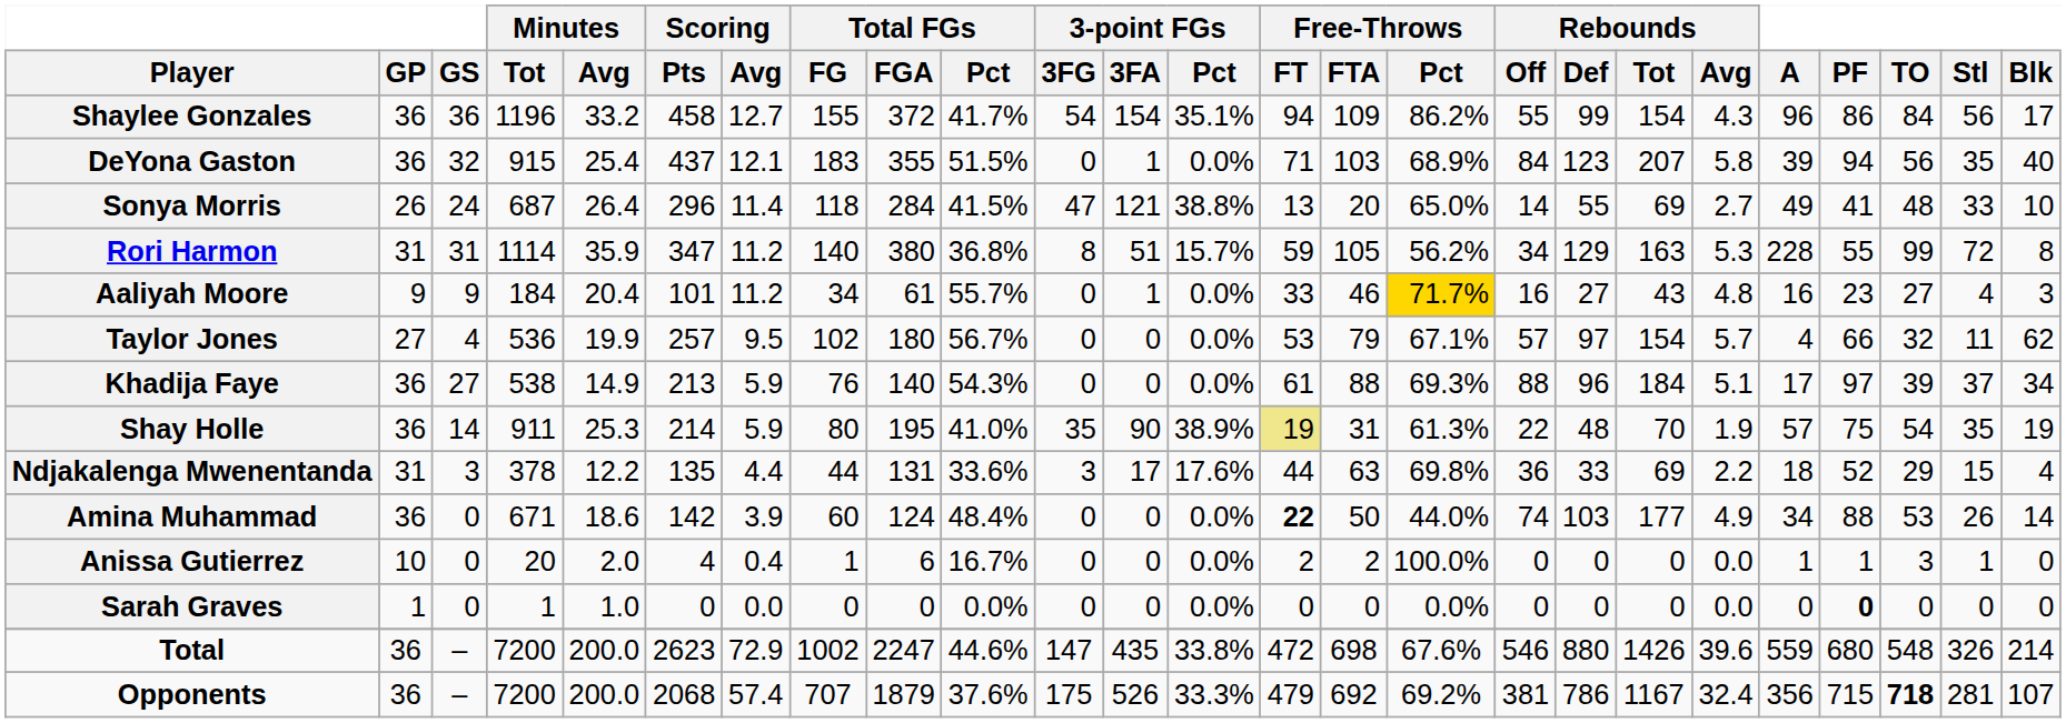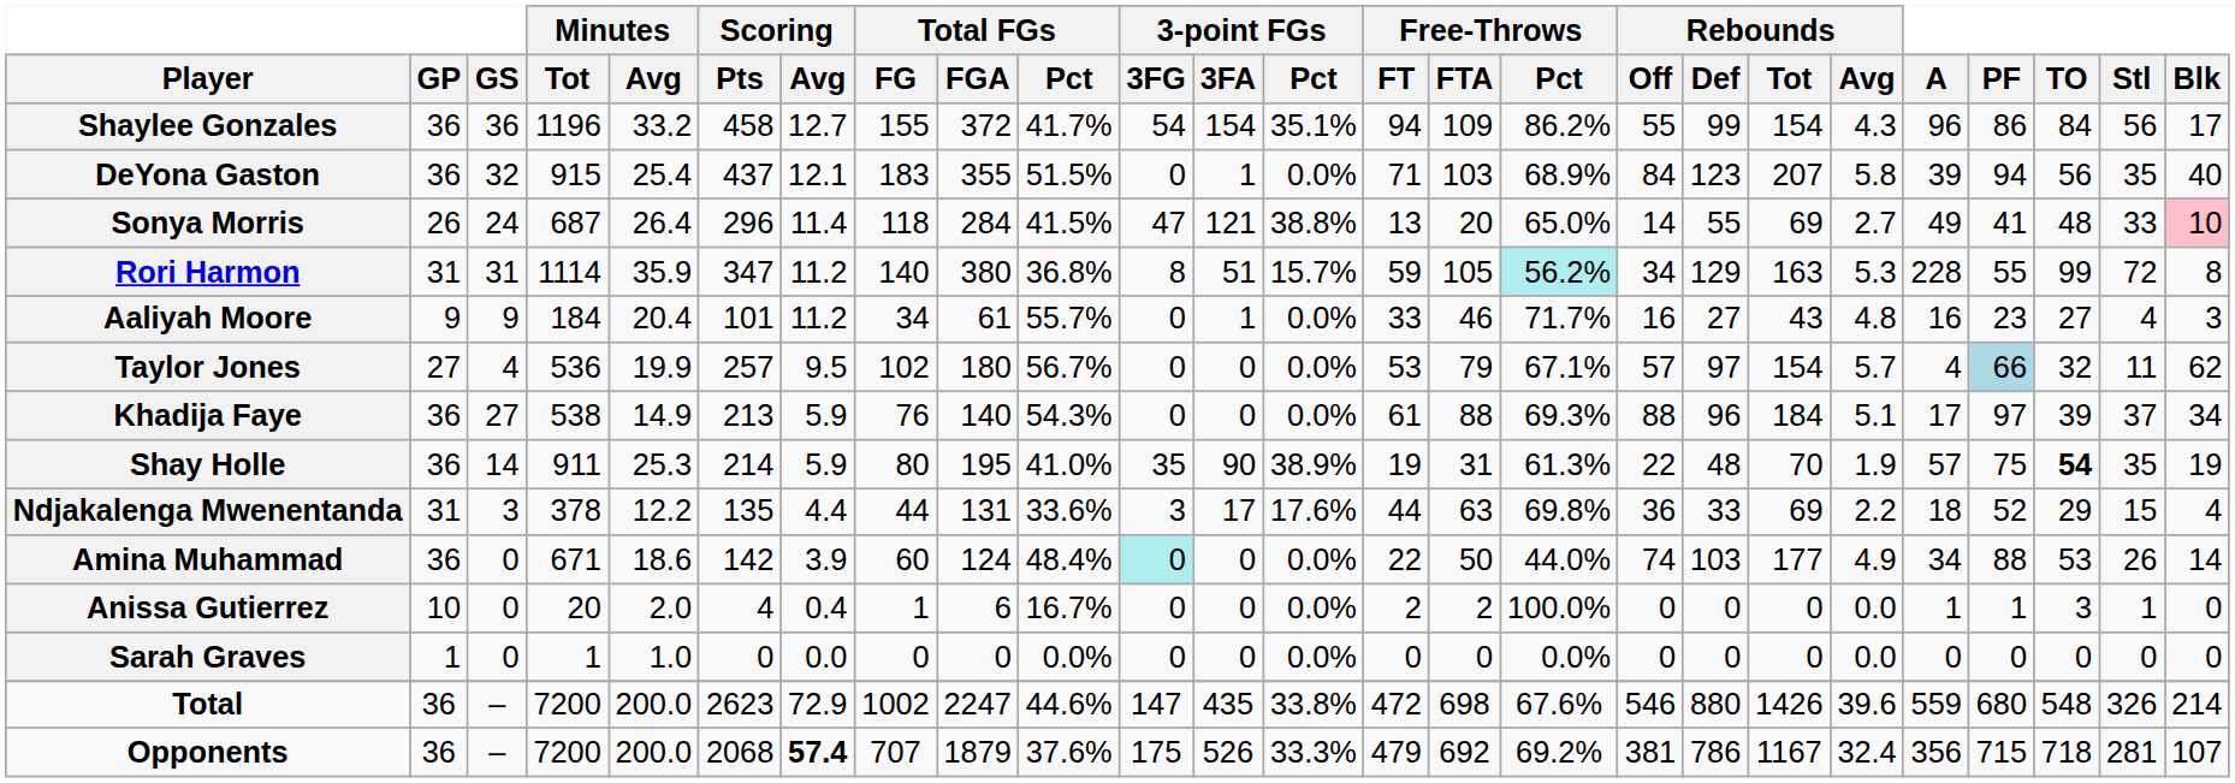 <table class="wikitable sortable" border="1" style="font-size:90%;">
 <tr>
 <th colspan="3" style="border-top-style:hidden; border-left-style:hidden; background: white;"></th>
 <th colspan="2" style=>Minutes</th>
 <th colspan="2" style=>Scoring</th>
 <th colspan="3" style=>Total FGs</th>
 <th colspan="3" style=>3-point FGs</th>
 <th colspan="3" style=>Free-Throws</th>
 <th colspan="4" style=>Rebounds</th>
 <th colspan="5" style="border-top-style:hidden; border-right-style:hidden; background: white;"></th>
 </tr>
 <tr>
 <th scope="col" style=>Player</th>
 <th scope="col" style=>GP</th>
 <th scope="col" style=>GS</th>
 <th scope="col" style=>Tot</th>
 <th scope="col" style=>Avg</th>
 <th scope="col" style=>Pts</th>
 <th scope="col" style=>Avg</th>
 <th scope="col" style=>FG</th>
 <th scope="col" style=>FGA</th>
 <th scope="col" style=>Pct</th>
 <th scope="col" style=>3FG</th>
 <th scope="col" style=>3FA</th>
 <th scope="col" style=>Pct</th>
 <th scope="col" style=>FT</th>
 <th scope="col" style=>FTA</th>
 <th scope="col" style=>Pct</th>
 <th scope="col" style=>Off</th>
 <th scope="col" style=>Def</th>
 <th scope="col" style=>Tot</th>
 <th scope="col" style=>Avg</th>
 <th scope="col" style=>A</th>
 <th scope="col" style=>PF</th>
 <th scope="col" style=>TO</th>
 <th scope="col" style=>Stl</th>
 <th scope="col" style=>Blk</th>
 </tr>
 <tr>
 <th style=white-space:nowrap>Shaylee Gonzales</th>
 <td align="right">36</td>
 <td align="right">36</td>
 <td align="right">1196</td>
 <td align="right">33.2</td>
 <td align="right">458</td>
 <td align="right">12.7</td>
 <td align="right">155</td>
 <td align="right">372</td>
 <td align="right">41.7%</td>
 <td align="right">54</td>
 <td align="right">154</td>
 <td align="right">35.1%</td>
 <td align="right">94</td>
 <td align="right">109</td>
 <td align="right">86.2%</td>
 <td align="right">55</td>
 <td align="right">99</td>
 <td align="right">154</td>
 <td align="right">4.3</td>
 <td align="right">96</td>
 <td align="right">86</td>
 <td align="right">84</td>
 <td align="right">56</td>
 <td align="right">17</td>
 </tr>
 <tr>
 <th style=white-space:nowrap>DeYona Gaston</th>
 <td align="right">36</td>
 <td align="right">32</td>
 <td align="right">915</td>
 <td align="right">25.4</td>
 <td align="right">437</td>
 <td align="right">12.1</td>
 <td align="right">183</td>
 <td align="right">355</td>
 <td align="right">51.5%</td>
 <td align="right">0</td>
 <td align="right">1</td>
 <td align="right">0.0%</td>
 <td align="right">71</td>
 <td align="right">103</td>
 <td align="right">68.9%</td>
 <td align="right">84</td>
 <td align="right">123</td>
 <td align="right">207</td>
 <td align="right">5.8</td>
 <td align="right">39</td>
 <td align="right">94</td>
 <td align="right">56</td>
 <td align="right">35</td>
 <td align="right">40</td>
 </tr>
 <tr>
 <th style=white-space:nowrap>Sonya Morris</th>
 <td align="right">26</td>
 <td align="right">24</td>
 <td align="right">687</td>
 <td align="right">26.4</td>
 <td align="right">296</td>
 <td align="right">11.4</td>
 <td align="right">118</td>
 <td align="right">284</td>
 <td align="right">41.5%</td>
 <td align="right">47</td>
 <td align="right">121</td>
 <td align="right">38.8%</td>
 <td align="right">13</td>
 <td align="right">20</td>
 <td align="right">65.0%</td>
 <td align="right">14</td>
 <td align="right">55</td>
 <td align="right">69</td>
 <td align="right">2.7</td>
 <td align="right">49</td>
 <td align="right">41</td>
 <td align="right">48</td>
 <td align="right">33</td>
-<td align="right">10</td>
+<td align="right" style="background: pink;">10</td>
 </tr>
 <tr>
 <th style=white-space:nowrap><a href='#'>Rori Harmon</a></th>
 <td align="right">31</td>
 <td align="right">31</td>
 <td align="right">1114</td>
 <td align="right">35.9</td>
 <td align="right">347</td>
 <td align="right">11.2</td>
 <td align="right">140</td>
 <td align="right">380</td>
 <td align="right">36.8%</td>
 <td align="right">8</td>
 <td align="right">51</td>
 <td align="right">15.7%</td>
 <td align="right">59</td>
 <td align="right">105</td>
-<td align="right">56.2%</td>
+<td align="right" style="background: paleturquoise;">56.2%</td>
 <td align="right">34</td>
 <td align="right">129</td>
 <td align="right">163</td>
 <td align="right">5.3</td>
 <td align="right">228</td>
 <td align="right">55</td>
 <td align="right">99</td>
 <td align="right">72</td>
 <td align="right">8</td>
 </tr>
 <tr>
 <th style=white-space:nowrap>Aaliyah Moore</th>
 <td align="right">9</td>
 <td align="right">9</td>
 <td align="right">184</td>
 <td align="right">20.4</td>
 <td align="right">101</td>
 <td align="right">11.2</td>
 <td align="right">34</td>
 <td align="right">61</td>
 <td align="right">55.7%</td>
 <td align="right">0</td>
 <td align="right">1</td>
 <td align="right">0.0%</td>
 <td align="right">33</td>
 <td align="right">46</td>
-<td align="right" style="background: gold;">71.7%</td>
+<td align="right">71.7%</td>
 <td align="right">16</td>
 <td align="right">27</td>
 <td align="right">43</td>
 <td align="right">4.8</td>
 <td align="right">16</td>
 <td align="right">23</td>
 <td align="right">27</td>
 <td align="right">4</td>
 <td align="right">3</td>
 </tr>
 <tr>
 <th style=white-space:nowrap>Taylor Jones</th>
 <td align="right">27</td>
 <td align="right">4</td>
 <td align="right">536</td>
 <td align="right">19.9</td>
 <td align="right">257</td>
 <td align="right">9.5</td>
 <td align="right">102</td>
 <td align="right">180</td>
 <td align="right">56.7%</td>
 <td align="right">0</td>
 <td align="right">0</td>
 <td align="right">0.0%</td>
 <td align="right">53</td>
 <td align="right">79</td>
 <td align="right">67.1%</td>
 <td align="right">57</td>
 <td align="right">97</td>
 <td align="right">154</td>
 <td align="right">5.7</td>
 <td align="right">4</td>
-<td align="right">66</td>
+<td align="right" style="background: lightblue;">66</td>
 <td align="right">32</td>
 <td align="right">11</td>
 <td align="right">62</td>
 </tr>
 <tr>
 <th style=white-space:nowrap>Khadija Faye</th>
 <td align="right">36</td>
 <td align="right">27</td>
 <td align="right">538</td>
 <td align="right">14.9</td>
 <td align="right">213</td>
 <td align="right">5.9</td>
 <td align="right">76</td>
 <td align="right">140</td>
 <td align="right">54.3%</td>
 <td align="right">0</td>
 <td align="right">0</td>
 <td align="right">0.0%</td>
 <td align="right">61</td>
 <td align="right">88</td>
 <td align="right">69.3%</td>
 <td align="right">88</td>
 <td align="right">96</td>
 <td align="right">184</td>
 <td align="right">5.1</td>
 <td align="right">17</td>
 <td align="right">97</td>
 <td align="right">39</td>
 <td align="right">37</td>
 <td align="right">34</td>
 </tr>
 <tr>
 <th style=white-space:nowrap>Shay Holle</th>
 <td align="right">36</td>
 <td align="right">14</td>
 <td align="right">911</td>
 <td align="right">25.3</td>
 <td align="right">214</td>
 <td align="right">5.9</td>
 <td align="right">80</td>
 <td align="right">195</td>
 <td align="right">41.0%</td>
 <td align="right">35</td>
 <td align="right">90</td>
 <td align="right">38.9%</td>
-<td align="right" style="background: khaki;">19</td>
+<td align="right">19</td>
 <td align="right">31</td>
 <td align="right">61.3%</td>
 <td align="right">22</td>
 <td align="right">48</td>
 <td align="right">70</td>
 <td align="right">1.9</td>
 <td align="right">57</td>
 <td align="right">75</td>
-<td align="right">54</td>
+<td align="right"><strong>54</strong></td>
 <td align="right">35</td>
 <td align="right">19</td>
 </tr>
 <tr>
 <th style=white-space:nowrap>Ndjakalenga Mwenentanda</th>
 <td align="right">31</td>
 <td align="right">3</td>
 <td align="right">378</td>
 <td align="right">12.2</td>
 <td align="right">135</td>
 <td align="right">4.4</td>
 <td align="right">44</td>
 <td align="right">131</td>
 <td align="right">33.6%</td>
 <td align="right">3</td>
 <td align="right">17</td>
 <td align="right">17.6%</td>
 <td align="right">44</td>
 <td align="right">63</td>
 <td align="right">69.8%</td>
 <td align="right">36</td>
 <td align="right">33</td>
 <td align="right">69</td>
 <td align="right">2.2</td>
 <td align="right">18</td>
 <td align="right">52</td>
 <td align="right">29</td>
 <td align="right">15</td>
 <td align="right">4</td>
 </tr>
 <tr>
 <th style=white-space:nowrap>Amina Muhammad</th>
 <td align="right">36</td>
 <td align="right">0</td>
 <td align="right">671</td>
 <td align="right">18.6</td>
 <td align="right">142</td>
 <td align="right">3.9</td>
 <td align="right">60</td>
 <td align="right">124</td>
 <td align="right">48.4%</td>
-<td align="right">0</td>
+<td align="right" style="background: paleturquoise;">0</td>
 <td align="right">0</td>
 <td align="right">0.0%</td>
-<td align="right"><strong>22</strong></td>
+<td align="right">22</td>
 <td align="right">50</td>
 <td align="right">44.0%</td>
 <td align="right">74</td>
 <td align="right">103</td>
 <td align="right">177</td>
 <td align="right">4.9</td>
 <td align="right">34</td>
 <td align="right">88</td>
 <td align="right">53</td>
 <td align="right">26</td>
 <td align="right">14</td>
 </tr>
 <tr>
 <th style=white-space:nowrap>Anissa Gutierrez</th>
 <td align="right">10</td>
 <td align="right">0</td>
 <td align="right">20</td>
 <td align="right">2.0</td>
 <td align="right">4</td>
 <td align="right">0.4</td>
 <td align="right">1</td>
 <td align="right">6</td>
 <td align="right">16.7%</td>
 <td align="right">0</td>
 <td align="right">0</td>
 <td align="right">0.0%</td>
 <td align="right">2</td>
 <td align="right">2</td>
 <td align="right">100.0%</td>
 <td align="right">0</td>
 <td align="right">0</td>
 <td align="right">0</td>
 <td align="right">0.0</td>
 <td align="right">1</td>
 <td align="right">1</td>
 <td align="right">3</td>
 <td align="right">1</td>
 <td align="right">0</td>
 </tr>
 <tr>
 <th style=white-space:nowrap>Sarah Graves</th>
 <td align="right">1</td>
 <td align="right">0</td>
 <td align="right">1</td>
 <td align="right">1.0</td>
 <td align="right">0</td>
 <td align="right">0.0</td>
 <td align="right">0</td>
 <td align="right">0</td>
 <td align="right">0.0%</td>
 <td align="right">0</td>
 <td align="right">0</td>
 <td align="right">0.0%</td>
 <td align="right">0</td>
 <td align="right">0</td>
 <td align="right">0.0%</td>
 <td align="right">0</td>
 <td align="right">0</td>
 <td align="right">0</td>
 <td align="right">0.0</td>
 <td align="right">0</td>
-<td align="right"><strong>0</strong></td>
+<td align="right">0</td>
 <td align="right">0</td>
 <td align="right">0</td>
 <td align="right">0</td>
 </tr>
 <tr>
 </tr>
 <tr class="sortbottom">
 <td align="center" style=><strong>Total</strong></td>
 <td align="center" style=>36</td>
 <td align="center" style=>–</td>
 <td align="center" style=>7200</td>
 <td align="center" style=>200.0</td>
 <td align="center" style=>2623</td>
 <td align="center" style=>72.9</td>
 <td align="center" style=>1002</td>
 <td align="center" style=>2247</td>
 <td align="center" style=>44.6%</td>
 <td align="center" style=>147</td>
 <td align="center" style=>435</td>
 <td align="center" style=>33.8%</td>
 <td align="center" style=>472</td>
 <td align="center" style=>698</td>
 <td align="center" style=>67.6%</td>
 <td align="center" style=>546</td>
 <td align="center" style=>880</td>
 <td align="center" style=>1426</td>
 <td align="center" style=>39.6</td>
 <td align="center" style=>559</td>
 <td align="center" style=>680</td>
 <td align="center" style=>548</td>
 <td align="center" style=>326</td>
 <td align="center" style=>214</td>
 </tr>
 <tr class="sortbottom">
 <td align="center"><strong>Opponents</strong></td>
 <td align="center">36</td>
 <td align="center">–</td>
 <td align="center">7200</td>
 <td align="center">200.0</td>
 <td align="center">2068</td>
-<td align="center">57.4</td>
+<td align="center"><strong>57.4</strong></td>
 <td align="center">707</td>
 <td align="center">1879</td>
 <td align="center">37.6%</td>
 <td align="center">175</td>
 <td align="center">526</td>
 <td align="center">33.3%</td>
 <td align="center">479</td>
 <td align="center">692</td>
 <td align="center">69.2%</td>
 <td align="center">381</td>
 <td align="center">786</td>
 <td align="center">1167</td>
 <td align="center">32.4</td>
 <td align="center">356</td>
 <td align="center">715</td>
-<td align="center"><strong>718</strong></td>
+<td align="center">718</td>
 <td align="center">281</td>
 <td align="center">107</td>
 </tr>
 </table>
